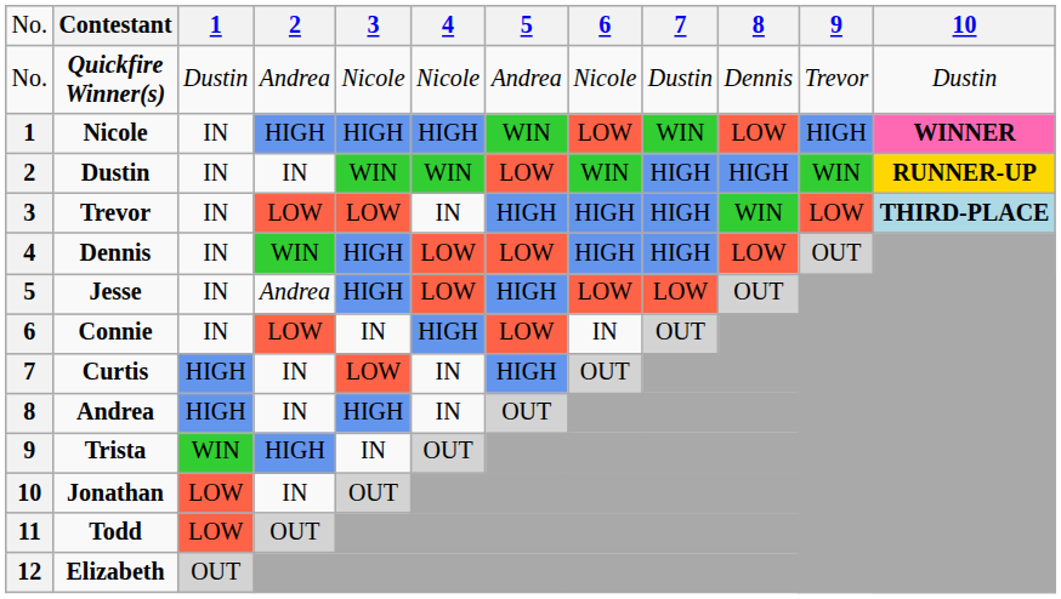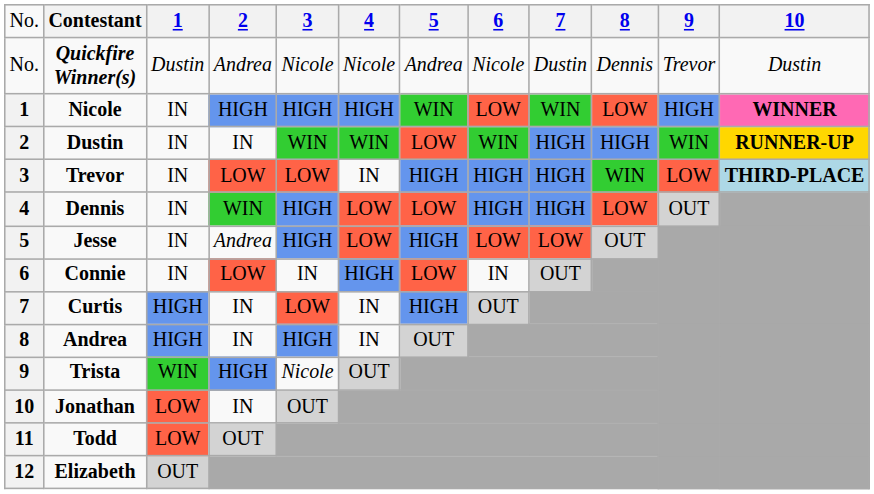 <table class="wikitable" style="text-align:center; align=center; font-size:80%">
 <tr>
 <td>No.</td>
 <th>Contestant</th>
 <th><a href='#'>1</a></th>
 <th><a href='#'>2</a></th>
 <th><a href='#'>3</a></th>
 <th><a href='#'>4</a></th>
 <th><a href='#'>5</a></th>
 <th><a href='#'>6</a></th>
 <th><a href='#'>7</a></th>
 <th><a href='#'>8</a></th>
 <th><a href='#'>9</a></th>
 <th><a href='#'>10</a></th>
 </tr>
 <tr>
 <td>No.</td>
 <td><strong><em>Quickfire</em></strong><br><strong><em>Winner(s)</em></strong></td>
 <td><em>Dustin</em></td>
 <td><em>Andrea</em></td>
 <td><em>Nicole</em></td>
 <td><em>Nicole</em></td>
 <td><em>Andrea</em></td>
 <td><em>Nicole</em></td>
 <td><em>Dustin</em></td>
 <td><em>Dennis</em></td>
 <td><em>Trevor</em></td>
 <td><em>Dustin</em></td>
 </tr>
 <tr>
 <th>1</th>
 <td><strong>Nicole</strong></td>
 <td>IN</td>
 <td style="background:cornflowerblue;">HIGH</td>
 <td style="background:cornflowerblue;">HIGH</td>
 <td style="background:cornflowerblue;">HIGH</td>
 <td style="background:limegreen;">WIN</td>
 <td style="background:tomato;">LOW</td>
 <td style="background:limegreen;">WIN</td>
 <td style="background:tomato;">LOW</td>
 <td style="background:cornflowerblue;">HIGH</td>
 <td style="background:hotpink"><strong>WINNER</strong></td>
 </tr>
 <tr>
 <th>2</th>
 <td><strong>Dustin</strong></td>
 <td>IN</td>
 <td>IN</td>
 <td style="background:limegreen;">WIN</td>
 <td style="background:limegreen;">WIN</td>
 <td style="background:tomato;">LOW</td>
 <td style="background:limegreen;">WIN</td>
 <td style="background:cornflowerblue;">HIGH</td>
 <td style="background:cornflowerblue;">HIGH</td>
 <td style="background:limegreen;">WIN</td>
 <td style="background:gold"><strong>RUNNER-UP</strong></td>
 </tr>
 <tr>
 <th>3</th>
 <td><strong>Trevor</strong></td>
 <td>IN</td>
 <td style="background:tomato;">LOW</td>
 <td style="background:tomato;">LOW</td>
 <td>IN</td>
 <td style="background:cornflowerblue;">HIGH</td>
 <td style="background:cornflowerblue;">HIGH</td>
 <td style="background:cornflowerblue;">HIGH</td>
 <td style= "background:limegreen;">WIN</td>
 <td style="background:tomato;">LOW</td>
 <td style="background:lightblue;"><strong>THIRD-PLACE</strong></td>
 </tr>
 <tr>
 <th>4</th>
 <td><strong>Dennis</strong></td>
 <td>IN</td>
 <td style= "background:limegreen;">WIN</td>
 <td style="background:cornflowerblue;">HIGH</td>
 <td style="background:tomato;">LOW</td>
 <td style="background:tomato;">LOW</td>
 <td style="background:cornflowerblue;">HIGH</td>
 <td style="background:cornflowerblue;">HIGH</td>
 <td style="background:tomato;">LOW</td>
 <td style="background:lightgray;">OUT</td>
 <td colspan="7" rowspan="11" style="background:darkgray;"></td>
 </tr>
 <tr>
 <th>5</th>
 <td><strong>Jesse</strong></td>
 <td>IN</td>
 <td><em>Andrea</em></td>
 <td style="background:cornflowerblue;">HIGH</td>
 <td style="background:tomato;">LOW</td>
 <td style="background:cornflowerblue;">HIGH</td>
 <td style="background:tomato;">LOW</td>
 <td style="background:tomato;">LOW</td>
 <td style="background:lightgray;">OUT</td>
 <td colspan="7" rowspan="11" style="background:darkgray;"></td>
 </tr>
 <tr>
 <th>6</th>
 <td><strong>Connie</strong></td>
 <td>IN</td>
 <td style="background:tomato;">LOW</td>
 <td>IN</td>
 <td style="background:cornflowerblue;">HIGH</td>
 <td style="background:tomato;">LOW</td>
 <td>IN</td>
 <td style="background:lightgray;">OUT</td>
 <td colspan="3" style="background:darkgray"></td>
 </tr>
 <tr>
 <th>7</th>
 <td><strong>Curtis</strong></td>
 <td style="background:cornflowerblue;">HIGH</td>
 <td>IN</td>
 <td style="background:tomato;">LOW</td>
 <td>IN</td>
 <td style="background:cornflowerblue;">HIGH</td>
 <td style="background:lightgray;">OUT</td>
 <td colspan="4" style="background:darkgray"></td>
 </tr>
 <tr>
 <th>8</th>
 <td><strong>Andrea</strong></td>
 <td style="background:cornflowerblue;">HIGH</td>
 <td>IN</td>
 <td style="background:cornflowerblue;">HIGH</td>
 <td>IN</td>
 <td style="background:lightgray;">OUT</td>
 <td colspan="5" style="background:darkgray"></td>
 </tr>
 <tr>
 <th>9</th>
 <td><strong>Trista</strong></td>
 <td style="background:limegreen;">WIN</td>
 <td style="background:cornflowerblue;">HIGH</td>
-<td>IN</td>
+<td><em>Nicole</em></td>
 <td style="background:lightgray;">OUT</td>
 <td colspan="6" style="background:darkgray"></td>
 </tr>
 <tr>
 <th>10</th>
 <td><strong>Jonathan</strong></td>
 <td style="background:tomato;">LOW</td>
 <td>IN</td>
 <td style="background:lightgray;">OUT</td>
 <td colspan="7" style="background:darkgray"></td>
 </tr>
 <tr>
 <th>11</th>
 <td><strong>Todd</strong></td>
 <td style="background:tomato;">LOW</td>
 <td style="background:lightgray;">OUT</td>
 <td colspan="8" style="background:darkgray"></td>
 </tr>
 <tr>
 <th>12</th>
 <td><strong>Elizabeth</strong></td>
 <td style="background:lightgray;">OUT</td>
 <td colspan="9" style="background:darkgray"></td>
 </tr>
 </table>
